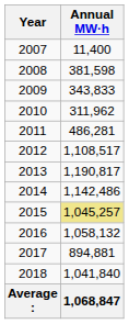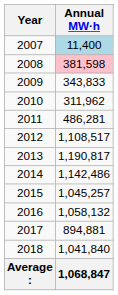 <table class=wikitable style="text-align:center">
 <tr>
 <th>Year</th>
 <th>Annual <br> <a href='#'>MW·h</a></th>
 </tr>
 <tr>
 <td>2007</td>
-<td>11,400</td>
+<td style="background: lightblue;">11,400</td>
 </tr>
 <tr>
 <td>2008</td>
-<td>381,598</td>
+<td style="background: pink;">381,598</td>
 </tr>
 <tr>
 <td>2009</td>
 <td>343,833</td>
 </tr>
 <tr>
 <td>2010</td>
 <td>311,962</td>
 </tr>
 <tr>
 <td>2011</td>
 <td>486,281</td>
 </tr>
 <tr>
 <td>2012</td>
 <td>1,108,517</td>
 </tr>
 <tr>
 <td>2013</td>
 <td>1,190,817</td>
 </tr>
 <tr>
 <td>2014</td>
 <td>1,142,486</td>
 </tr>
 <tr>
 <td>2015</td>
-<td style="background: khaki;">1,045,257</td>
+<td>1,045,257</td>
 </tr>
 <tr>
 <td>2016</td>
 <td>1,058,132</td>
 </tr>
 <tr>
 <td>2017</td>
 <td>894,881</td>
 </tr>
 <tr>
 <td>2018</td>
 <td>1,041,840</td>
 </tr>
 <tr>
 <th>Average <br>  :</th>
 <th>1,068,847</th>
 </tr>
 </table>
